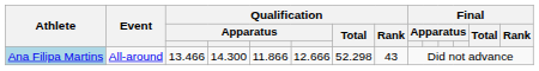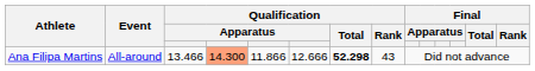 <table class="wikitable" style="font-size:90%">
 <tr>
 <th rowspan=3>Athlete</th>
 <th rowspan=3>Event</th>
 <th colspan=6>Qualification</th>
 <th colspan=6>Final</th>
 </tr>
 <tr style="font-size:95%">
 <th colspan=4>Apparatus</th>
 <th rowspan=2>Total</th>
 <th rowspan=2>Rank</th>
 <th colspan=4>Apparatus</th>
 <th rowspan=2>Total</th>
 <th rowspan=2>Rank</th>
 </tr>
 <tr style="font-size:95%">
 <th></th>
 <th></th>
 <th></th>
 <th></th>
 <th></th>
 <th></th>
 <th></th>
 <th></th>
 </tr>
 <tr align=center>
-<td align=left style="background: lightblue;"><a href='#'>Ana Filipa Martins</a></td>
+<td align=left><a href='#'>Ana Filipa Martins</a></td>
 <td align=left><a href='#'>All-around</a></td>
 <td>13.466</td>
-<td>14.300</td>
+<td style="background: lightsalmon;">14.300</td>
 <td>11.866</td>
 <td>12.666</td>
-<td>52.298</td>
+<td><strong>52.298</strong></td>
 <td>43</td>
 <td colspan=6>Did not advance</td>
 </tr>
 </table>
